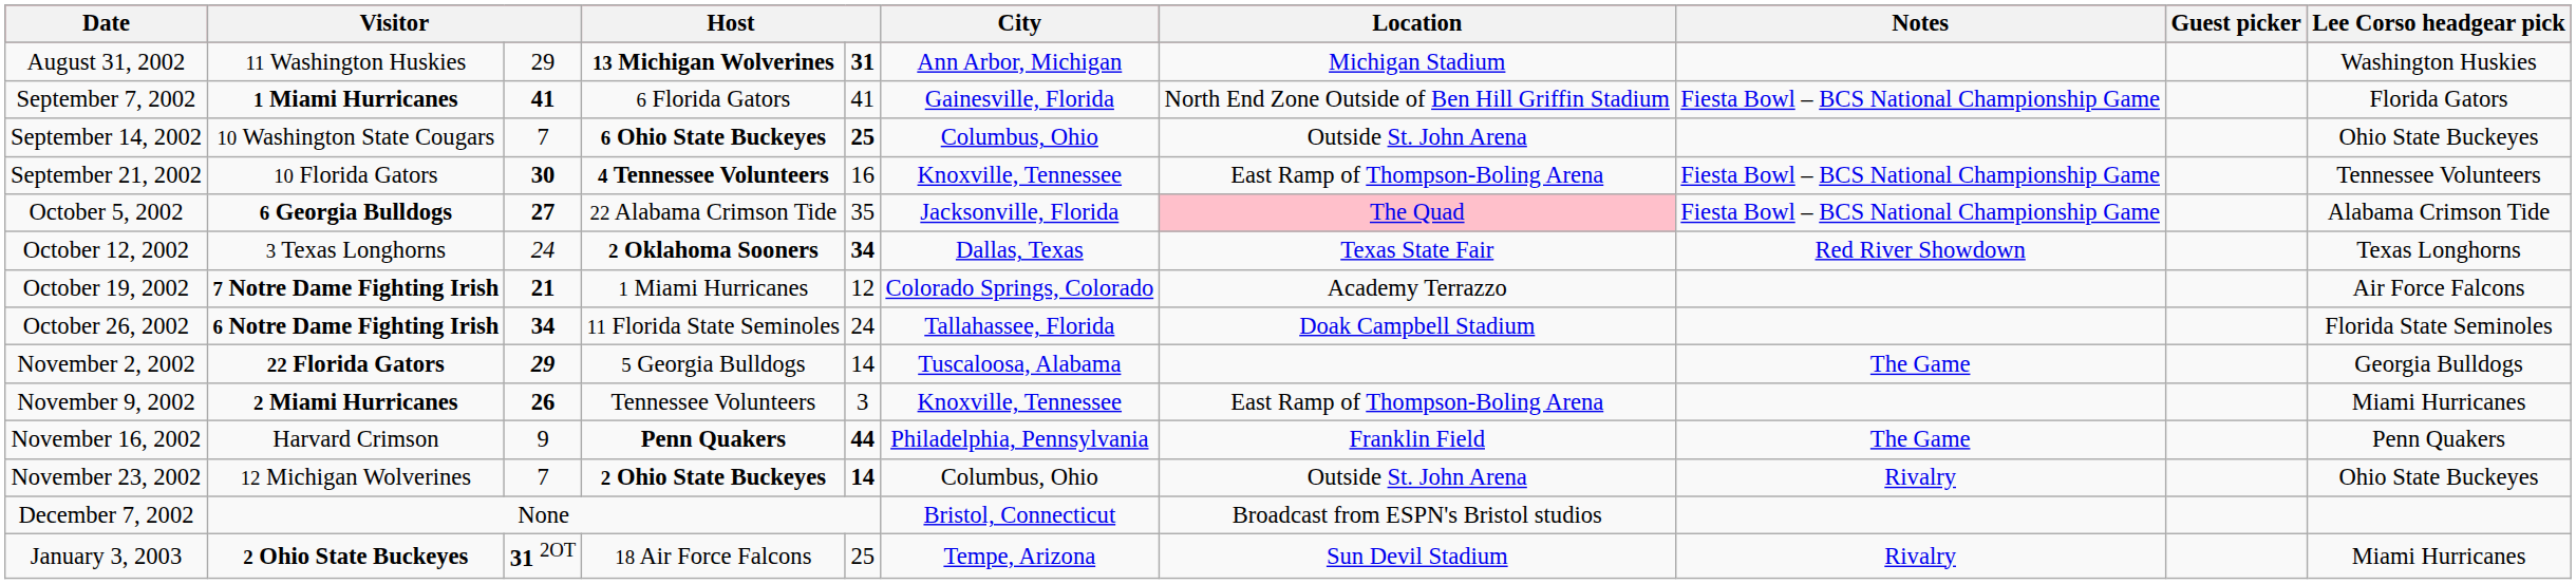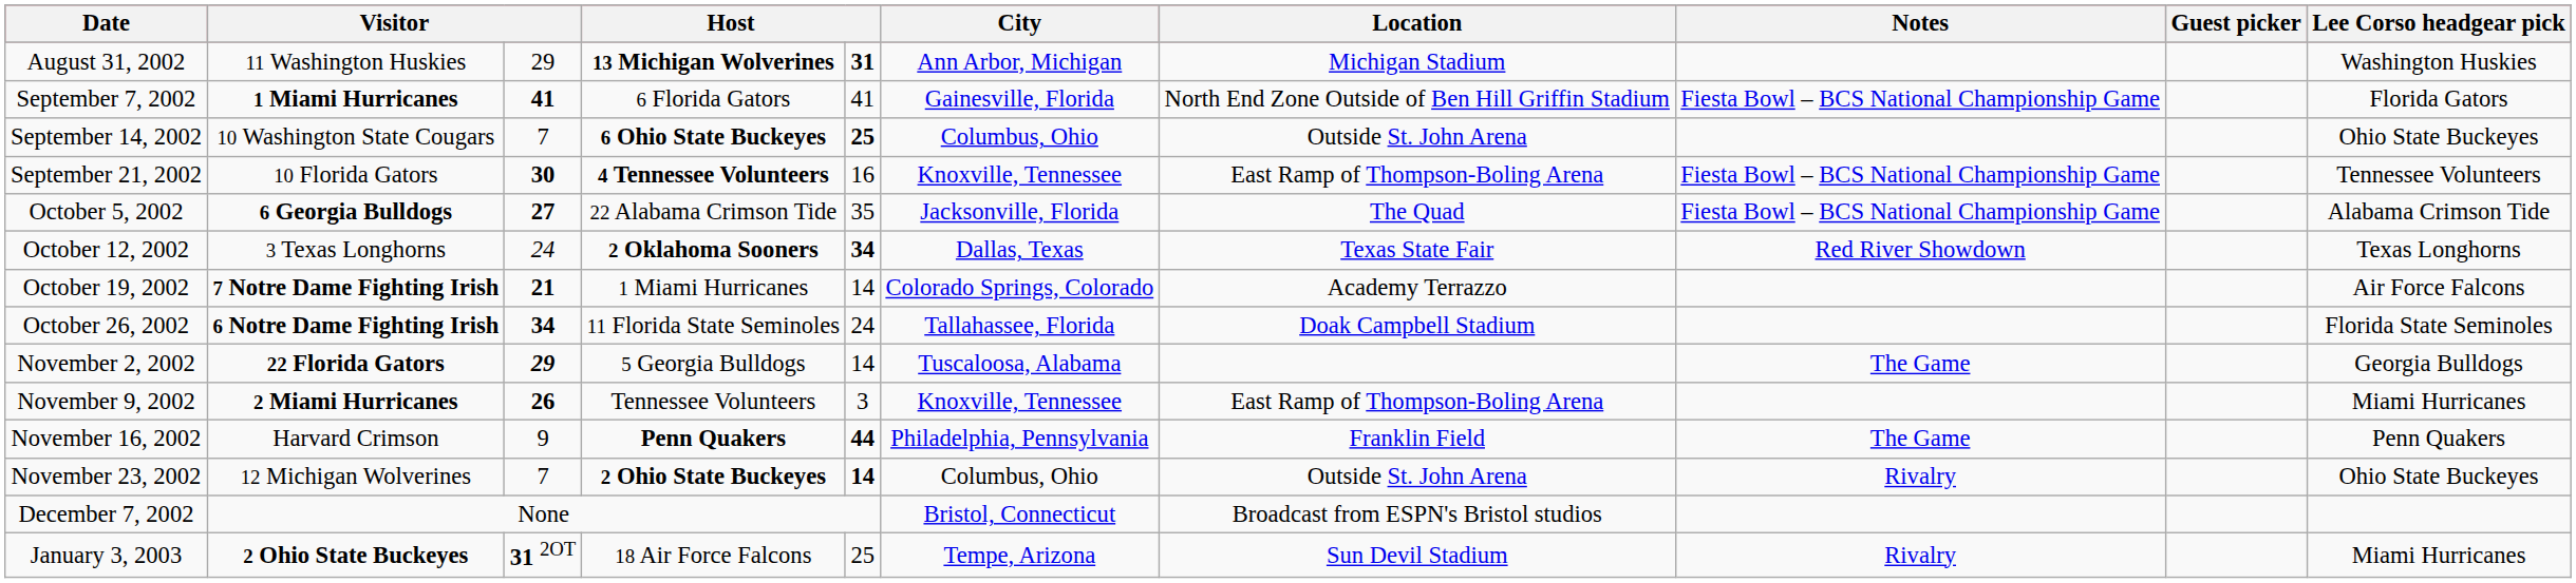 <table class="wikitable" style="text-align:center">
 <tr style="background:#A32638;"|>
 <th>Date</th>
 <th colspan=2>Visitor</th>
 <th colspan=2>Host</th>
 <th>City</th>
 <th>Location</th>
 <th>Notes</th>
 <th>Guest picker</th>
 <th>Lee Corso headgear pick</th>
 </tr>
 <tr>
 <td>August 31, 2002</td>
 <td><small>11</small> Washington Huskies</td>
 <td>29</td>
 <td><strong><small>13</small> Michigan Wolverines</strong></td>
 <td><strong>31</strong></td>
 <td><a href='#'>Ann Arbor, Michigan</a></td>
 <td><a href='#'>Michigan Stadium</a></td>
 <td></td>
 <td></td>
 <td>Washington Huskies</td>
 </tr>
 <tr>
 <td>September 7, 2002</td>
 <td><strong><small>1</small> Miami Hurricanes</strong></td>
 <td><strong>41</strong></td>
 <td><small>6</small> Florida Gators</td>
 <td>41</td>
 <td><a href='#'>Gainesville, Florida</a></td>
 <td>North End Zone Outside of <a href='#'>Ben Hill Griffin Stadium</a></td>
 <td><a href='#'>Fiesta Bowl</a> – <a href='#'>BCS National Championship Game</a></td>
 <td></td>
 <td>Florida Gators</td>
 </tr>
 <tr>
 <td>September 14, 2002</td>
 <td><small>10</small> Washington State Cougars</td>
 <td>7</td>
 <td><strong><small>6</small> Ohio State Buckeyes</strong></td>
 <td><strong>25</strong></td>
 <td><a href='#'>Columbus, Ohio</a></td>
 <td>Outside <a href='#'>St. John Arena</a></td>
 <td></td>
 <td></td>
 <td>Ohio State Buckeyes</td>
 </tr>
 <tr>
 <td>September 21, 2002</td>
 <td><small>10</small> Florida Gators</td>
 <td><strong>30</strong></td>
 <td><strong><small>4</small> Tennessee Volunteers</strong></td>
 <td>16</td>
 <td><a href='#'>Knoxville, Tennessee</a></td>
 <td>East Ramp of <a href='#'>Thompson-Boling Arena</a></td>
 <td><a href='#'>Fiesta Bowl</a> – <a href='#'>BCS National Championship Game</a></td>
 <td></td>
 <td>Tennessee Volunteers</td>
 </tr>
 <tr>
 <td>October 5, 2002</td>
 <td><strong><small>6</small> Georgia Bulldogs</strong></td>
 <td><strong>27</strong></td>
 <td><small>22</small> Alabama Crimson Tide</td>
 <td>35</td>
 <td><a href='#'>Jacksonville, Florida</a></td>
-<td style="background: pink;"><a href='#'>The Quad</a></td>
+<td><a href='#'>The Quad</a></td>
 <td><a href='#'>Fiesta Bowl</a> – <a href='#'>BCS National Championship Game</a></td>
 <td></td>
 <td>Alabama Crimson Tide</td>
 </tr>
 <tr>
 <td>October 12, 2002</td>
 <td><small>3</small> Texas Longhorns</td>
 <td><em>24</em></td>
 <td><strong><small>2</small> Oklahoma Sooners</strong></td>
 <td><strong>34</strong></td>
 <td><a href='#'>Dallas, Texas</a></td>
 <td><a href='#'>Texas State Fair</a></td>
 <td><a href='#'>Red River Showdown</a></td>
 <td></td>
 <td>Texas Longhorns</td>
 </tr>
 <tr>
 <td>October 19, 2002</td>
 <td><strong><small>7</small> Notre Dame Fighting Irish</strong></td>
 <td><strong>21</strong></td>
 <td><small>1</small> Miami Hurricanes</td>
-<td>12</td>
+<td>14</td>
 <td><a href='#'>Colorado Springs, Colorado</a></td>
 <td>Academy Terrazzo</td>
 <td></td>
 <td></td>
 <td>Air Force Falcons</td>
 </tr>
 <tr>
 <td>October 26, 2002</td>
 <td><strong><small>6</small> Notre Dame Fighting Irish</strong></td>
 <td><strong>34</strong></td>
 <td><small>11</small> Florida State Seminoles</td>
 <td>24</td>
 <td><a href='#'>Tallahassee, Florida</a></td>
 <td><a href='#'>Doak Campbell Stadium</a></td>
 <td></td>
 <td></td>
 <td>Florida State Seminoles</td>
 </tr>
 <tr>
 <td>November 2, 2002</td>
 <td><strong><small>22</small> Florida Gators</strong></td>
 <td><strong><em>29</em></strong></td>
 <td><small>5</small> Georgia Bulldogs</td>
 <td>14</td>
 <td><a href='#'>Tuscaloosa, Alabama</a></td>
 <td></td>
 <td><a href='#'>The Game</a></td>
 <td></td>
 <td>Georgia Bulldogs</td>
 </tr>
 <tr>
 <td>November 9, 2002</td>
 <td><strong><small>2</small> Miami Hurricanes</strong></td>
 <td><strong>26</strong></td>
 <td>Tennessee Volunteers</td>
 <td>3</td>
 <td><a href='#'>Knoxville, Tennessee</a></td>
 <td>East Ramp of <a href='#'>Thompson-Boling Arena</a></td>
 <td></td>
 <td></td>
 <td>Miami Hurricanes</td>
 </tr>
 <tr>
 <td>November 16, 2002</td>
 <td>Harvard Crimson</td>
 <td>9</td>
 <td><strong>Penn Quakers</strong></td>
 <td><strong>44</strong></td>
 <td><a href='#'>Philadelphia, Pennsylvania</a></td>
 <td><a href='#'>Franklin Field</a></td>
 <td><a href='#'>The Game</a></td>
 <td></td>
 <td>Penn Quakers</td>
 </tr>
 <tr>
 <td>November 23, 2002</td>
 <td><small>12</small> Michigan Wolverines</td>
 <td>7</td>
 <td><strong><small>2</small> Ohio State Buckeyes</strong></td>
 <td><strong>14</strong></td>
 <td>Columbus, Ohio</td>
 <td>Outside <a href='#'>St. John Arena</a></td>
 <td><a href='#'>Rivalry</a></td>
 <td></td>
 <td>Ohio State Buckeyes</td>
 </tr>
 <tr>
 <td>December 7, 2002</td>
 <td colspan="4">None</td>
 <td><a href='#'>Bristol, Connecticut</a></td>
 <td>Broadcast from ESPN's Bristol studios</td>
 <td></td>
 <td></td>
 <td></td>
 </tr>
 <tr>
 <td>January 3, 2003</td>
 <td><strong><small>2</small> Ohio State Buckeyes</strong></td>
 <td><strong>31</strong> <sup>2OT</sup></td>
 <td><small>18</small> Air Force Falcons</td>
 <td>25</td>
 <td><a href='#'>Tempe, Arizona</a></td>
 <td><a href='#'>Sun Devil Stadium</a></td>
 <td><a href='#'>Rivalry</a></td>
 <td></td>
 <td>Miami Hurricanes</td>
 </tr>
 </table>
